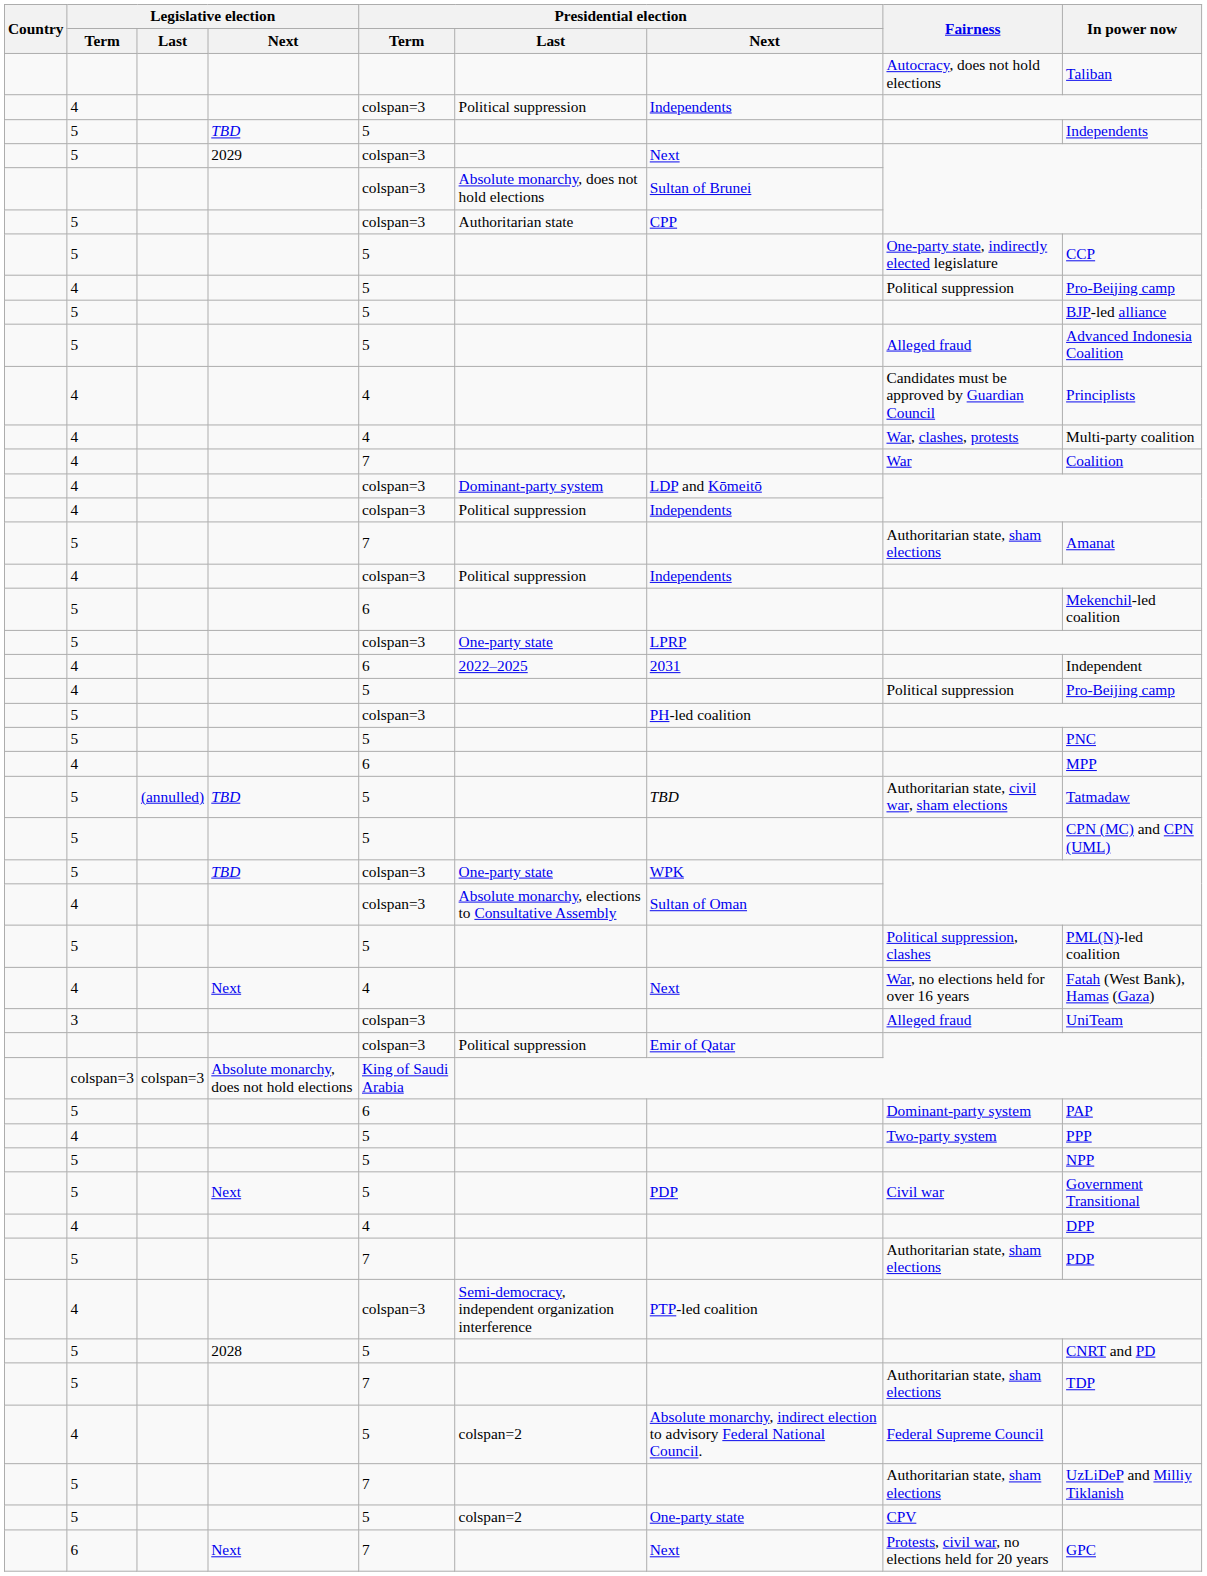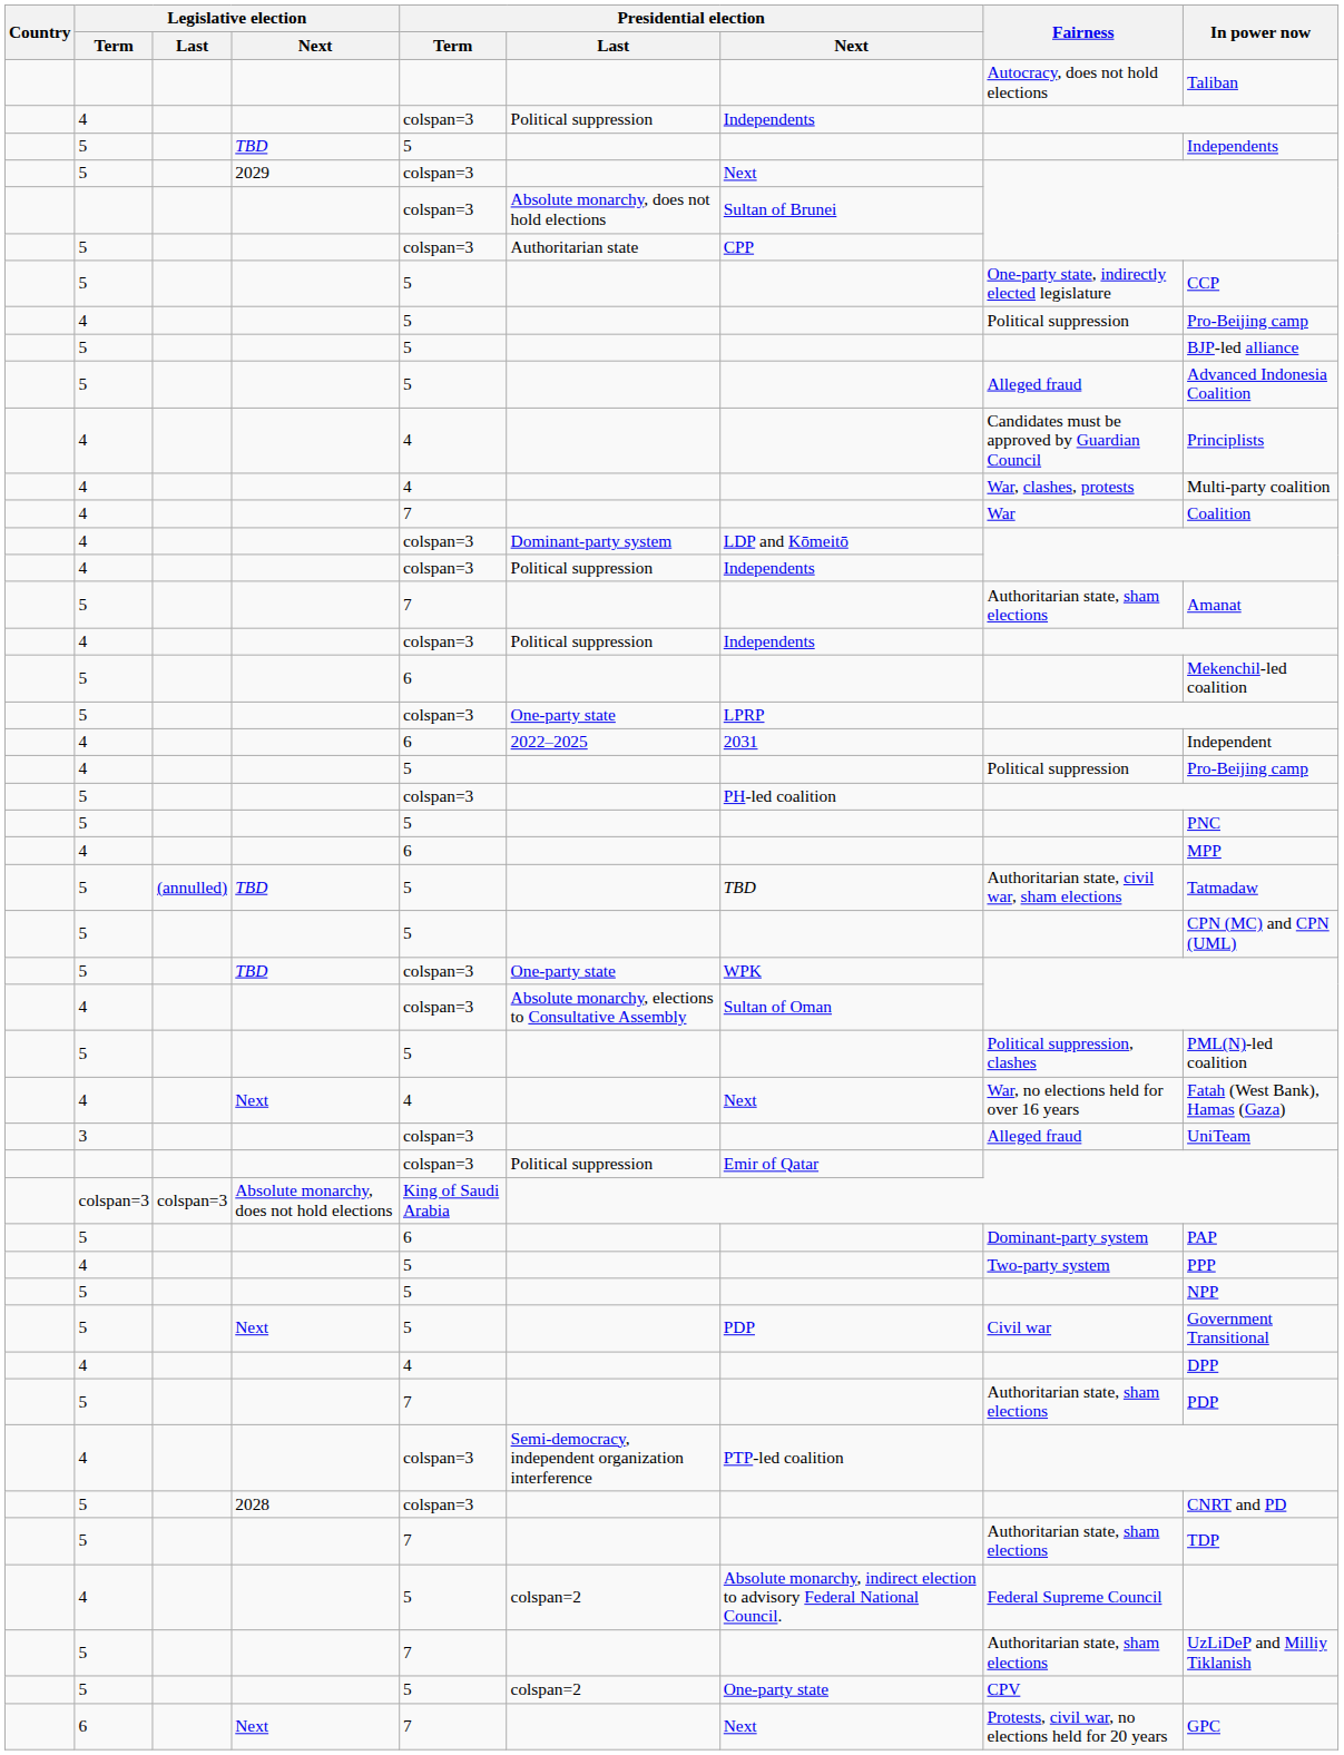 <table class="wikitable sortable">
 <tr>
 <th rowspan=2>Country</th>
 <th colspan=3>Legislative election</th>
 <th colspan=3>Presidential election</th>
 <th rowspan=2><a href='#'>Fairness</a></th>
 <th rowspan=2>In power now</th>
 </tr>
 <tr>
 <th>Term</th>
 <th>Last</th>
 <th>Next</th>
 <th>Term</th>
 <th>Last</th>
 <th>Next</th>
 </tr>
 <tr>
 <td></td>
 <td></td>
 <td><a href='#'></a></td>
 <td></td>
 <td></td>
 <td><a href='#'></a></td>
 <td></td>
 <td><a href='#'>Autocracy</a>, does not hold elections</td>
 <td><a href='#'>Taliban</a></td>
 </tr>
 <tr>
 <td></td>
 <td>4</td>
 <td><a href='#'></a></td>
 <td></td>
 <td>colspan=3 </td>
 <td>Political suppression</td>
 <td><a href='#'>Independents</a></td>
 </tr>
 <tr>
 <td></td>
 <td>5</td>
 <td><a href='#'></a></td>
 <td><em><a href='#'>TBD</a></em></td>
 <td>5</td>
 <td><a href='#'></a></td>
 <td><a href='#'></a></td>
 <td></td>
 <td><a href='#'>Independents</a></td>
 </tr>
 <tr>
 <td></td>
 <td>5</td>
 <td><a href='#'></a></td>
 <td>2029</td>
 <td>colspan=3 </td>
 <td></td>
 <td><a href='#'>Next</a></td>
 </tr>
 <tr>
 <td></td>
 <td></td>
 <td><a href='#'></a></td>
 <td></td>
 <td>colspan=3 </td>
 <td><a href='#'>Absolute monarchy</a>, does not hold elections</td>
 <td><a href='#'>Sultan of Brunei</a></td>
 </tr>
 <tr>
 <td></td>
 <td>5</td>
 <td><a href='#'></a></td>
 <td><a href='#'></a></td>
 <td>colspan=3 </td>
 <td>Authoritarian state</td>
 <td><a href='#'>CPP</a></td>
 </tr>
 <tr>
 <td></td>
 <td>5</td>
 <td><a href='#'></a></td>
 <td><a href='#'></a></td>
 <td>5</td>
 <td><a href='#'></a></td>
 <td></td>
 <td><a href='#'>One-party state</a>, <a href='#'>indirectly elected</a> legislature</td>
 <td><a href='#'>CCP</a></td>
 </tr>
 <tr>
 <td></td>
 <td>4</td>
 <td><a href='#'></a></td>
 <td><a href='#'></a></td>
 <td>5</td>
 <td><a href='#'></a></td>
 <td><a href='#'></a></td>
 <td>Political suppression</td>
 <td><a href='#'>Pro-Beijing camp</a></td>
 </tr>
 <tr>
 <td></td>
 <td>5</td>
 <td><a href='#'></a></td>
 <td><a href='#'></a></td>
 <td>5</td>
 <td><a href='#'></a></td>
 <td><a href='#'></a></td>
 <td></td>
 <td><a href='#'>BJP</a>-led <a href='#'>alliance</a></td>
 </tr>
 <tr>
 <td></td>
 <td>5</td>
 <td><a href='#'></a></td>
 <td><a href='#'></a></td>
 <td>5</td>
 <td><a href='#'></a></td>
 <td></td>
 <td><a href='#'>Alleged fraud</a></td>
 <td><a href='#'>Advanced Indonesia Coalition</a></td>
 </tr>
 <tr>
 <td></td>
 <td>4</td>
 <td><a href='#'></a></td>
 <td><a href='#'></a></td>
 <td>4</td>
 <td><a href='#'></a></td>
 <td><a href='#'></a></td>
 <td>Candidates must be approved by <a href='#'>Guardian Council</a></td>
 <td><a href='#'>Principlists</a></td>
 </tr>
 <tr>
 <td></td>
 <td>4</td>
 <td><a href='#'></a></td>
 <td><a href='#'></a></td>
 <td>4</td>
 <td><a href='#'></a></td>
 <td><a href='#'></a></td>
 <td><a href='#'>War</a>, <a href='#'>clashes</a>, <a href='#'>protests</a></td>
 <td>Multi-party coalition</td>
 </tr>
 <tr>
 <td></td>
 <td>4</td>
 <td><a href='#'></a></td>
 <td><a href='#'></a></td>
 <td>7</td>
 <td><a href='#'></a></td>
 <td><a href='#'></a></td>
 <td><a href='#'>War</a></td>
 <td><a href='#'>Coalition</a></td>
 </tr>
 <tr>
 <td></td>
 <td>4</td>
 <td><a href='#'></a></td>
 <td><a href='#'></a></td>
 <td>colspan=3 </td>
 <td><a href='#'>Dominant-party system</a></td>
 <td><a href='#'>LDP</a> and <a href='#'>Kōmeitō</a></td>
 </tr>
 <tr>
 <td></td>
 <td>4</td>
 <td><a href='#'></a></td>
 <td><a href='#'></a></td>
 <td>colspan=3 </td>
 <td>Political suppression</td>
 <td><a href='#'>Independents</a></td>
 </tr>
 <tr>
 <td></td>
 <td>5</td>
 <td><a href='#'></a></td>
 <td><a href='#'></a></td>
 <td>7</td>
 <td><a href='#'></a></td>
 <td><a href='#'></a></td>
 <td>Authoritarian state, <a href='#'>sham elections</a></td>
 <td><a href='#'>Amanat</a></td>
 </tr>
 <tr>
 <td></td>
 <td>4</td>
 <td><a href='#'></a></td>
 <td><a href='#'></a></td>
 <td>colspan=3 </td>
 <td>Political suppression</td>
 <td><a href='#'>Independents</a></td>
 </tr>
 <tr>
 <td></td>
 <td>5</td>
 <td><a href='#'></a></td>
 <td><a href='#'></a></td>
 <td>6</td>
 <td><a href='#'></a></td>
 <td><a href='#'></a></td>
 <td></td>
 <td><a href='#'>Mekenchil</a>-led coalition</td>
 </tr>
 <tr>
 <td></td>
 <td>5</td>
 <td><a href='#'></a></td>
 <td><a href='#'></a></td>
 <td>colspan=3 </td>
 <td><a href='#'>One-party state</a></td>
 <td><a href='#'>LPRP</a></td>
 </tr>
 <tr>
 <td></td>
 <td>4</td>
 <td><a href='#'></a></td>
 <td><a href='#'></a></td>
 <td>6</td>
 <td><a href='#'>2022–2025</a></td>
 <td><a href='#'>2031</a></td>
 <td></td>
 <td [Independent>Independent</td>
 </tr>
 <tr>
 <td></td>
 <td>4</td>
 <td><a href='#'></a></td>
 <td><a href='#'></a></td>
 <td>5</td>
 <td><a href='#'></a></td>
 <td><a href='#'></a></td>
 <td>Political suppression</td>
 <td><a href='#'>Pro-Beijing camp</a></td>
 </tr>
 <tr>
 <td></td>
 <td>5</td>
 <td><a href='#'></a></td>
 <td><a href='#'></a></td>
 <td>colspan=3 </td>
 <td></td>
 <td><a href='#'>PH</a>-led coalition</td>
 </tr>
 <tr>
 <td></td>
 <td>5</td>
 <td><a href='#'></a></td>
 <td><a href='#'></a></td>
 <td>5</td>
 <td><a href='#'></a></td>
 <td><a href='#'></a></td>
 <td></td>
 <td><a href='#'>PNC</a></td>
 </tr>
 <tr>
 <td></td>
 <td>4</td>
 <td><a href='#'></a></td>
 <td><a href='#'></a></td>
 <td>6</td>
 <td><a href='#'></a></td>
 <td><a href='#'></a></td>
 <td></td>
 <td><a href='#'>MPP</a></td>
 </tr>
 <tr>
 <td></td>
 <td>5</td>
 <td><a href='#'> (annulled)</a></td>
 <td><a href='#'><em>TBD</em></a></td>
 <td>5</td>
 <td><a href='#'></a></td>
 <td><em>TBD</em></td>
 <td>Authoritarian state, <a href='#'>civil war</a>, <a href='#'>sham elections</a></td>
 <td><a href='#'>Tatmadaw</a></td>
 </tr>
 <tr>
 <td></td>
 <td>5</td>
 <td><a href='#'></a></td>
 <td><a href='#'></a></td>
 <td>5</td>
 <td><a href='#'></a></td>
 <td><a href='#'></a></td>
 <td></td>
 <td><a href='#'>CPN (MC)</a> and <a href='#'>CPN (UML)</a></td>
 </tr>
 <tr>
 <td></td>
 <td>5</td>
 <td><a href='#'></a></td>
 <td><em><a href='#'>TBD</a></em></td>
 <td>colspan=3 </td>
 <td><a href='#'>One-party state</a></td>
 <td><a href='#'>WPK</a></td>
 </tr>
 <tr>
 <td></td>
 <td>4</td>
 <td><a href='#'></a></td>
 <td><a href='#'></a></td>
 <td>colspan=3 </td>
 <td><a href='#'>Absolute monarchy</a>, elections to <a href='#'>Consultative Assembly</a></td>
 <td><a href='#'>Sultan of Oman</a></td>
 </tr>
 <tr>
 <td></td>
 <td>5</td>
 <td><a href='#'></a></td>
 <td><a href='#'></a></td>
 <td>5</td>
 <td><a href='#'></a></td>
 <td></td>
 <td><a href='#'>Political suppression</a>, <a href='#'>clashes</a></td>
 <td><a href='#'>PML(N)</a>-led coalition</td>
 </tr>
 <tr>
 <td></td>
 <td>4</td>
 <td><a href='#'></a></td>
 <td><a href='#'>Next</a></td>
 <td>4</td>
 <td><a href='#'></a></td>
 <td><a href='#'>Next</a></td>
 <td><a href='#'>War</a>, no elections held for over 16 years</td>
 <td><a href='#'>Fatah</a> (West Bank), <a href='#'>Hamas</a> (<a href='#'>Gaza</a>)</td>
 </tr>
 <tr>
 <td></td>
 <td>3</td>
 <td><a href='#'></a></td>
 <td><a href='#'></a></td>
 <td>colspan=3 </td>
 <td><a href='#'></a></td>
 <td><a href='#'></a></td>
 <td><a href='#'>Alleged fraud</a></td>
 <td><a href='#'>UniTeam</a></td>
 </tr>
 <tr>
 <td></td>
 <td></td>
 <td><a href='#'></a></td>
 <td></td>
 <td>colspan=3 </td>
 <td>Political suppression</td>
 <td><a href='#'>Emir of Qatar</a></td>
 </tr>
 <tr>
 <td></td>
 <td>colspan=3 </td>
 <td>colspan=3 </td>
 <td><a href='#'>Absolute monarchy</a>, does not hold elections</td>
 <td><a href='#'>King of Saudi Arabia</a></td>
 </tr>
 <tr>
 <td></td>
 <td>5</td>
 <td><a href='#'></a></td>
 <td><a href='#'></a></td>
 <td>6</td>
 <td><a href='#'></a></td>
 <td><a href='#'></a></td>
 <td><a href='#'>Dominant-party system</a></td>
 <td><a href='#'>PAP</a></td>
 </tr>
 <tr>
 <td></td>
 <td>4</td>
 <td><a href='#'></a></td>
 <td><a href='#'></a></td>
 <td>5</td>
 <td><a href='#'></a></td>
 <td><a href='#'></a></td>
 <td><a href='#'>Two-party system</a></td>
 <td><a href='#'>PPP</a></td>
 </tr>
 <tr>
 <td></td>
 <td>5</td>
 <td><a href='#'></a></td>
 <td><a href='#'></a></td>
 <td>5</td>
 <td><a href='#'></a></td>
 <td></td>
 <td></td>
 <td><a href='#'>NPP</a></td>
 </tr>
 <tr>
 <td></td>
 <td>5</td>
 <td><a href='#'></a></td>
 <td><a href='#'>Next</a></td>
 <td>5</td>
 <td><a href='#'></a></td>
 <td><a href='#'>PDP</a></td>
 <td><a href='#'>Civil war</a></td>
 <td><a href='#'>Government Transitional</a></td>
 </tr>
 <tr>
 <td></td>
 <td>4</td>
 <td><a href='#'></a></td>
 <td><a href='#'></a></td>
 <td>4</td>
 <td><a href='#'></a></td>
 <td><a href='#'></a></td>
 <td></td>
 <td><a href='#'>DPP</a></td>
 </tr>
 <tr>
 <td></td>
 <td>5</td>
 <td><a href='#'></a></td>
 <td><a href='#'></a></td>
 <td>7</td>
 <td><a href='#'></a></td>
 <td></td>
 <td>Authoritarian state, <a href='#'>sham elections</a></td>
 <td><a href='#'>PDP</a></td>
 </tr>
 <tr>
 <td></td>
 <td>4</td>
 <td><a href='#'></a></td>
 <td><a href='#'></a></td>
 <td>colspan=3 </td>
 <td><a href='#'>Semi-democracy</a>, independent organization interference</td>
 <td><a href='#'>PTP</a>-led coalition</td>
 </tr>
 <tr>
 <td></td>
 <td>5</td>
 <td><a href='#'></a></td>
 <td>2028</td>
-<td>5</td>
+<td>colspan=3 </td>
 <td><a href='#'></a></td>
 <td></td>
 <td></td>
 <td><a href='#'>CNRT</a> and <a href='#'>PD</a></td>
 </tr>
 <tr>
 <td></td>
 <td>5</td>
 <td><a href='#'></a></td>
 <td><a href='#'></a></td>
 <td>7</td>
 <td><a href='#'></a></td>
 <td></td>
 <td>Authoritarian state, <a href='#'>sham elections</a></td>
 <td><a href='#'>TDP</a></td>
 </tr>
 <tr>
 <td></td>
 <td>4</td>
 <td><a href='#'></a></td>
 <td></td>
 <td>5</td>
 <td>colspan=2 </td>
 <td><a href='#'>Absolute monarchy</a>, <a href='#'>indirect election</a> to advisory <a href='#'>Federal National Council</a>.</td>
 <td><a href='#'>Federal Supreme Council</a></td>
 </tr>
 <tr>
 <td></td>
 <td>5</td>
 <td><a href='#'></a></td>
 <td><a href='#'></a></td>
 <td>7</td>
 <td><a href='#'></a></td>
 <td><a href='#'></a></td>
 <td>Authoritarian state, <a href='#'>sham elections</a></td>
 <td><a href='#'>UzLiDeP</a> and <a href='#'>Milliy Tiklanish</a></td>
 </tr>
 <tr>
 <td></td>
 <td>5</td>
 <td><a href='#'></a></td>
 <td><a href='#'></a></td>
 <td>5</td>
 <td>colspan=2 </td>
 <td><a href='#'>One-party state</a></td>
 <td><a href='#'>CPV</a></td>
 </tr>
 <tr>
 <td></td>
 <td>6</td>
 <td><a href='#'></a></td>
 <td><a href='#'>Next</a></td>
 <td>7</td>
 <td><a href='#'></a></td>
 <td><a href='#'>Next</a></td>
 <td><a href='#'>Protests</a>, <a href='#'>civil war</a>, no elections held for 20 years</td>
 <td><a href='#'>GPC</a></td>
 </tr>
 </table>
